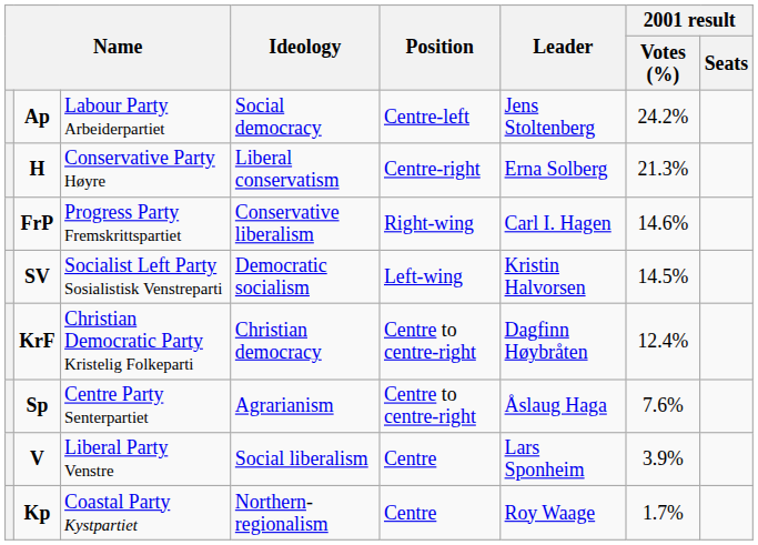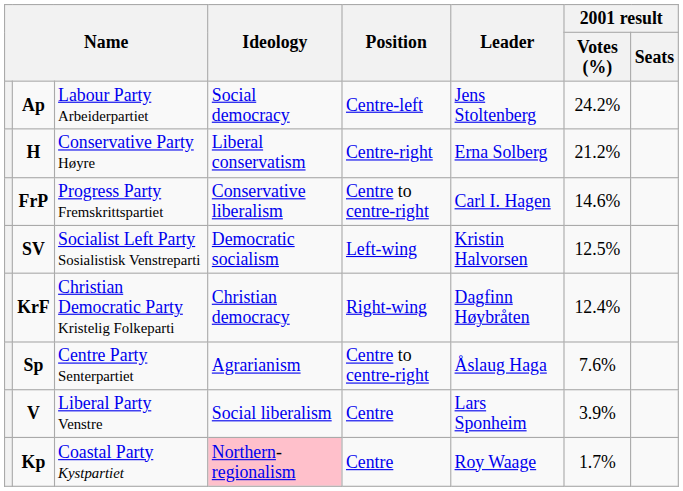 <table class="wikitable">
 <tr>
 <th rowspan=2 colspan=3 width=225px>Name</th>
 <th rowspan=2>Ideology</th>
 <th rowspan=2>Position</th>
 <th rowspan=2>Leader</th>
 <th colspan=2>2001 result</th>
 </tr>
 <tr>
 <th>Votes (%)</th>
 <th>Seats</th>
 </tr>
 <tr>
 <th style="background:"></th>
 <td align=center><strong>Ap</strong></td>
 <td><a href='#'>Labour Party</a><br><small>Arbeiderpartiet</small></td>
 <td><a href='#'>Social democracy</a></td>
 <td><a href='#'>Centre-left</a></td>
 <td><a href='#'>Jens Stoltenberg</a></td>
 <td align=center>24.2%</td>
 <td></td>
 </tr>
 <tr>
 <th style="background:"></th>
 <td align=center><strong>H</strong></td>
 <td><a href='#'>Conservative Party</a><br><small>Høyre</small></td>
 <td><a href='#'>Liberal conservatism</a></td>
 <td><a href='#'>Centre-right</a></td>
 <td><a href='#'>Erna Solberg</a></td>
-<td align=center>21.3%</td>
+<td align=center>21.2%</td>
 <td></td>
 </tr>
 <tr>
 <th style="background:"></th>
 <td align=center><strong>FrP</strong></td>
 <td><a href='#'>Progress Party</a><br><small>Fremskrittspartiet</small></td>
 <td><a href='#'>Conservative liberalism</a></td>
-<td><a href='#'>Right-wing</a></td>
+<td><a href='#'>Centre</a> to <a href='#'>centre-right</a></td>
 <td><a href='#'>Carl I. Hagen</a></td>
 <td align=center>14.6%</td>
 <td></td>
 </tr>
 <tr>
 <th style="background:"></th>
 <td align="center"><strong>SV</strong></td>
 <td><a href='#'>Socialist Left Party</a><br><small>Sosialistisk Venstreparti</small></td>
 <td><a href='#'>Democratic socialism</a></td>
 <td><a href='#'>Left-wing</a></td>
 <td><a href='#'>Kristin Halvorsen</a></td>
-<td align="center">14.5%</td>
+<td align="center">12.5%</td>
 <td></td>
 </tr>
 <tr>
 <th style="background:"></th>
 <td align="center"><strong>KrF</strong></td>
 <td><a href='#'>Christian Democratic Party</a><br><small>Kristelig Folkeparti</small></td>
 <td><a href='#'>Christian democracy</a></td>
-<td><a href='#'>Centre</a> to <a href='#'>centre-right</a></td>
+<td><a href='#'>Right-wing</a></td>
 <td><a href='#'>Dagfinn Høybråten</a></td>
 <td align="center">12.4%</td>
 <td></td>
 </tr>
 <tr>
 <th style="background:"></th>
 <td align=center><strong>Sp</strong></td>
 <td><a href='#'>Centre Party</a><br><small>Senterpartiet</small></td>
 <td><a href='#'>Agrarianism</a></td>
 <td><a href='#'>Centre</a> to <a href='#'>centre-right</a></td>
 <td><a href='#'>Åslaug Haga</a></td>
 <td align=center>7.6%</td>
 <td></td>
 </tr>
 <tr>
 <th style="background:"></th>
 <td align=center><strong>V</strong></td>
 <td><a href='#'>Liberal Party</a><br><small>Venstre</small></td>
 <td><a href='#'>Social liberalism</a></td>
 <td><a href='#'>Centre</a></td>
 <td><a href='#'>Lars Sponheim</a></td>
 <td align=center>3.9%</td>
 <td></td>
 </tr>
 <tr>
 <th style="background:"></th>
 <td align="center"><strong>Kp</strong></td>
 <td><a href='#'>Coastal Party</a><br><small><em>Kystpartiet</em></small></td>
-<td><a href='#'>Northern</a>-<a href='#'>regionalism</a></td>
+<td style="background: pink;"><a href='#'>Northern</a>-<a href='#'>regionalism</a></td>
 <td><a href='#'>Centre</a></td>
 <td><a href='#'>Roy Waage</a></td>
 <td align="center">1.7%</td>
 <td></td>
 </tr>
 </table>
